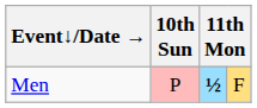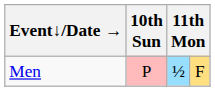 <table class="wikitable" style="margin:0.5em auto; font-size:90%; line-height:1.25em; text-align:center;">
 <tr>
 <th>Event↓/Date →</th>
 <th>10th<br>Sun</th>
 <th colspan=2>11th<br>Mon</th>
 </tr>
 <tr>
 <td style="text-align:left;"><a href='#'>Men</a></td>
 <td bgcolor="#FFBBBB">P</td>
-<td bgcolor="#97DEFF"><strong>½</strong></td>
+<td bgcolor="#97DEFF">½</td>
 <td bgcolor="#FFDF80">F</td>
 </tr>
 </table>
